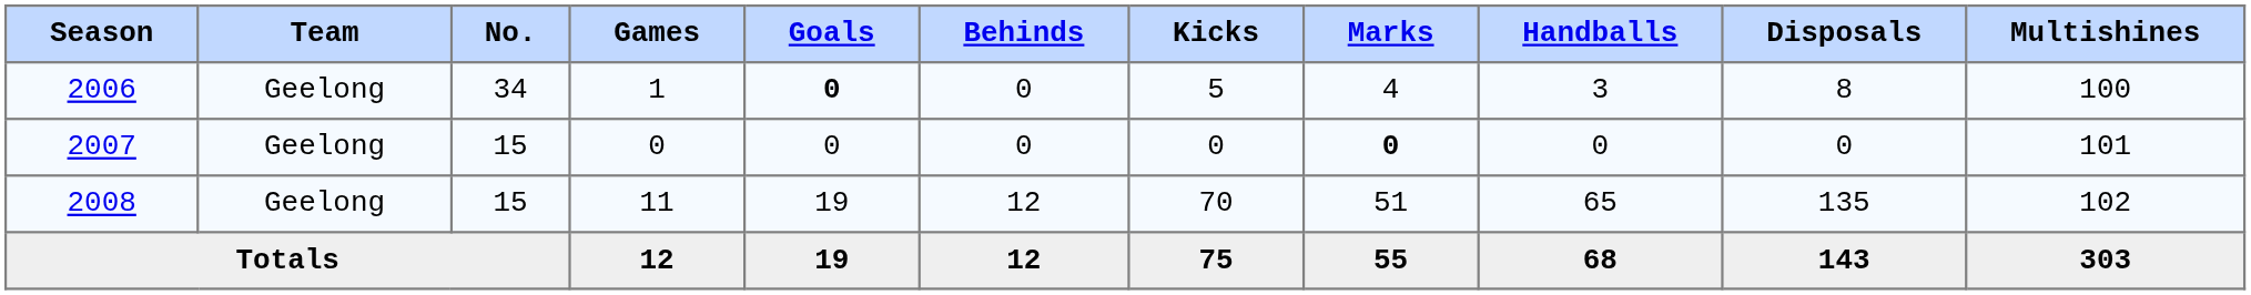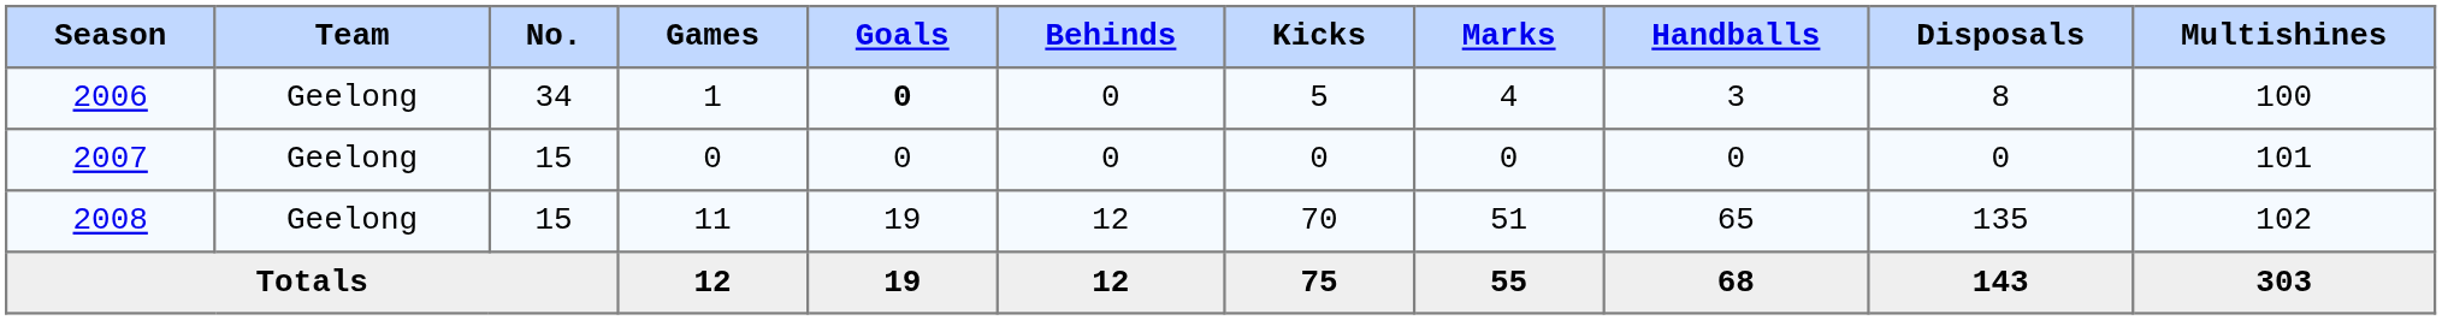 <table border="1" cellpadding="4" cellspacing="0" style="text-align:center; font-size:90%; border-collapse:collapse;" width=72%>
 <tr style="background:#C1D8FF;">
 <th width=3%>Season</th>
 <th width=5%>Team</th>
 <th width=2%>No.</th>
 <th width=3%>Games</th>
 <th width=3%><a href='#'>Goals</a></th>
 <th width=3%><a href='#'>Behinds</a></th>
 <th width=3%>Kicks</th>
 <th width=3%><a href='#'>Marks</a></th>
 <th width=3%><a href='#'>Handballs</a></th>
 <th width=3%>Disposals</th>
 <th width=3%>Multishines</th>
 </tr>
 <tr style="background:#F5FAFF;">
 <td><a href='#'>2006</a></td>
 <td>Geelong</td>
 <td>34</td>
 <td>1</td>
 <td><strong>0</strong></td>
 <td>0</td>
 <td>5</td>
 <td>4</td>
 <td>3</td>
 <td>8</td>
 <td>100</td>
 </tr>
 <tr style="background:#F5FAFF;">
 <td><a href='#'>2007</a></td>
 <td>Geelong</td>
 <td>15</td>
 <td>0</td>
 <td>0</td>
 <td>0</td>
 <td>0</td>
-<td><strong>0</strong></td>
+<td>0</td>
 <td>0</td>
 <td>0</td>
 <td>101</td>
 </tr>
 <tr style="background:#F5FAFF;">
 <td><a href='#'>2008</a></td>
 <td>Geelong</td>
 <td>15</td>
 <td>11</td>
 <td>19</td>
 <td>12</td>
 <td>70</td>
 <td>51</td>
 <td>65</td>
 <td>135</td>
 <td>102</td>
 </tr>
 <tr style="background:#EFEFEF;">
 <th colspan=3>Totals</th>
 <td><strong>12</strong></td>
 <td><strong>19</strong></td>
 <td><strong>12</strong></td>
 <td><strong>75</strong></td>
 <td><strong>55</strong></td>
 <td><strong>68</strong></td>
 <td><strong>143</strong></td>
 <td><strong>303</strong></td>
 </tr>
 </table>
